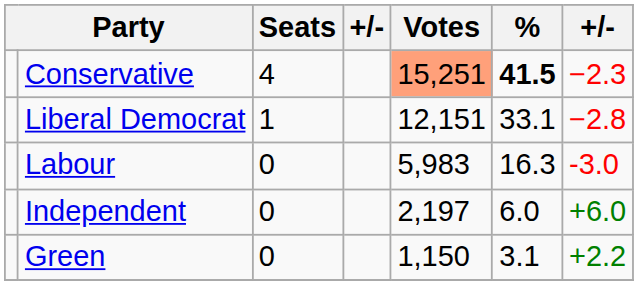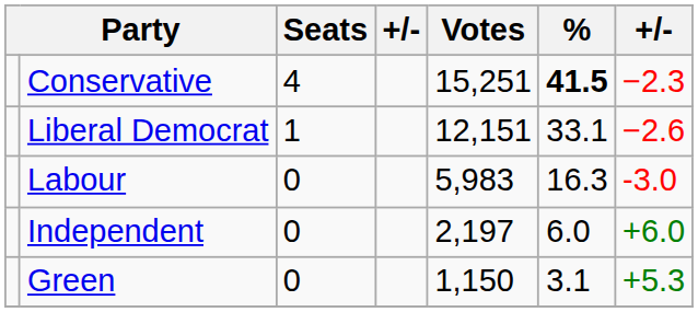 <table class="wikitable">
 <tr>
 <th colspan="2">Party</th>
 <th>Seats</th>
 <th>+/-</th>
 <th>Votes</th>
 <th>%</th>
 <th>+/-</th>
 </tr>
 <tr>
 <td style="background-color: "></td>
 <td><a href='#'>Conservative</a></td>
 <td>4</td>
 <td></td>
-<td style="background: lightsalmon;">15,251</td>
+<td>15,251</td>
 <td><strong>41.5</strong></td>
 <td style="color:red">−2.3</td>
 </tr>
 <tr>
 <td style="background-color: "></td>
 <td><a href='#'>Liberal Democrat</a></td>
 <td>1</td>
 <td></td>
 <td>12,151</td>
 <td>33.1</td>
-<td style="color:red">−2.8</td>
+<td style="color:red">−2.6</td>
 </tr>
 <tr>
 <td style="background-color: "></td>
 <td><a href='#'>Labour</a></td>
 <td>0</td>
 <td></td>
 <td>5,983</td>
 <td>16.3</td>
 <td style="color:red">-3.0</td>
 </tr>
 <tr>
 <td style="background-color: "></td>
 <td><a href='#'>Independent</a></td>
 <td>0</td>
 <td></td>
 <td>2,197</td>
 <td>6.0</td>
 <td style="color:green">+6.0</td>
 </tr>
 <tr>
 <td style="background-color: "></td>
 <td><a href='#'>Green</a></td>
 <td>0</td>
 <td></td>
 <td>1,150</td>
 <td>3.1</td>
-<td style="color:green">+2.2</td>
+<td style="color:green">+5.3</td>
 </tr>
 <tr>
 </tr>
 </table>
